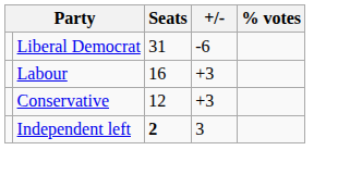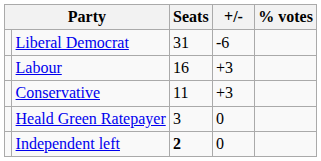 <table class="wikitable">
 <tr>
 <th colspan="2">Party</th>
 <th>Seats</th>
 <th>  +/-  </th>
 <th>% votes</th>
 </tr>
 <tr>
 <td style="background-color: "></td>
 <td><a href='#'>Liberal Democrat</a></td>
 <td>31</td>
 <td>-6</td>
 <td></td>
 </tr>
 <tr>
 <td style="background-color: "></td>
 <td><a href='#'>Labour</a></td>
 <td>16</td>
 <td>+3</td>
 <td></td>
 </tr>
 <tr>
 <td style="background-color: "></td>
 <td><a href='#'>Conservative</a></td>
-<td>12</td>
+<td>11</td>
 <td>+3</td>
+<td></td>
+</tr>
+<tr>
+<td style="background-color: "></td>
+<td><a href='#'>Heald Green Ratepayer</a></td>
+<td>3</td>
+<td>0</td>
 <td></td>
 </tr>
 <tr>
 <td style="background-color: "></td>
 <td><a href='#'>Independent left</a></td>
 <td><strong>2</strong></td>
-<td>3</td>
+<td>0</td>
 <td></td>
 </tr>
 </table>
